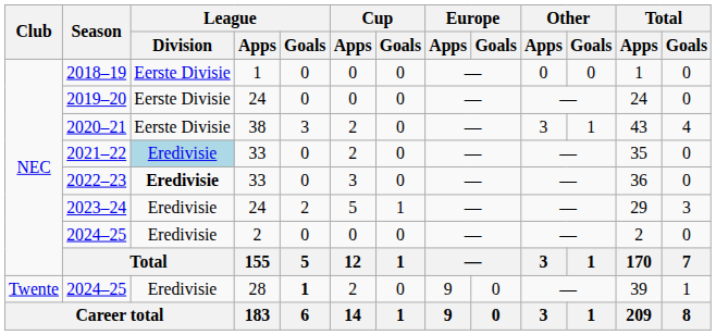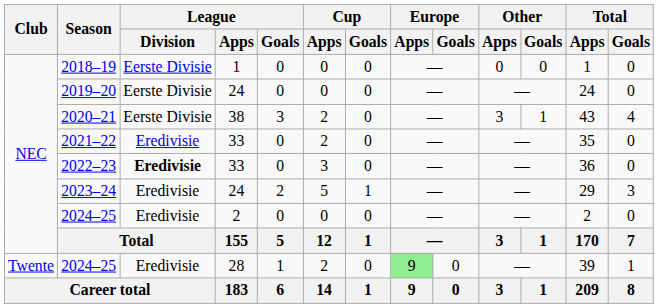 <table class="wikitable" style="text-align:center">
 <tr>
 <th rowspan="2">Club</th>
 <th rowspan="2">Season</th>
 <th colspan="3">League</th>
 <th colspan="2">Cup</th>
 <th colspan="2">Europe</th>
 <th colspan="2">Other</th>
 <th colspan="2">Total</th>
 </tr>
 <tr>
 <th>Division</th>
 <th>Apps</th>
 <th>Goals</th>
 <th>Apps</th>
 <th>Goals</th>
 <th>Apps</th>
 <th>Goals</th>
 <th>Apps</th>
 <th>Goals</th>
 <th>Apps</th>
 <th>Goals</th>
 </tr>
 <tr>
 <td rowspan="8"><a href='#'>NEC</a></td>
 <td><a href='#'>2018–19</a></td>
 <td><a href='#'>Eerste Divisie</a></td>
 <td>1</td>
 <td>0</td>
 <td>0</td>
 <td>0</td>
 <td colspan="2">—</td>
 <td>0</td>
 <td>0</td>
 <td>1</td>
 <td>0</td>
 </tr>
 <tr>
 <td><a href='#'>2019–20</a></td>
 <td>Eerste Divisie</td>
 <td>24</td>
 <td>0</td>
 <td>0</td>
 <td>0</td>
 <td colspan="2">—</td>
 <td colspan="2">—</td>
 <td>24</td>
 <td>0</td>
 </tr>
 <tr>
 <td><a href='#'>2020–21</a></td>
 <td>Eerste Divisie</td>
 <td>38</td>
 <td>3</td>
 <td>2</td>
 <td>0</td>
 <td colspan="2">—</td>
 <td>3</td>
 <td>1</td>
 <td>43</td>
 <td>4</td>
 </tr>
 <tr>
 <td><a href='#'>2021–22</a></td>
-<td style="background: lightblue;"><a href='#'>Eredivisie</a></td>
+<td><a href='#'>Eredivisie</a></td>
 <td>33</td>
 <td>0</td>
 <td>2</td>
 <td>0</td>
 <td colspan="2">—</td>
 <td colspan="2">—</td>
 <td>35</td>
 <td>0</td>
 </tr>
 <tr>
 <td><a href='#'>2022–23</a></td>
 <td><strong>Eredivisie</strong></td>
 <td>33</td>
 <td>0</td>
 <td>3</td>
 <td>0</td>
 <td colspan="2">—</td>
 <td colspan="2">—</td>
 <td>36</td>
 <td>0</td>
 </tr>
 <tr>
 <td><a href='#'>2023–24</a></td>
 <td>Eredivisie</td>
 <td>24</td>
 <td>2</td>
 <td>5</td>
 <td>1</td>
 <td colspan="2">—</td>
 <td colspan="2">—</td>
 <td>29</td>
 <td>3</td>
 </tr>
 <tr>
 <td><a href='#'>2024–25</a></td>
 <td>Eredivisie</td>
 <td>2</td>
 <td>0</td>
 <td>0</td>
 <td>0</td>
 <td colspan="2">—</td>
 <td colspan="2">—</td>
 <td>2</td>
 <td>0</td>
 </tr>
 <tr>
 <th colspan="2">Total</th>
 <th>155</th>
 <th>5</th>
 <th>12</th>
 <th>1</th>
 <th colspan="2">—</th>
 <th>3</th>
 <th>1</th>
 <th>170</th>
 <th>7</th>
 </tr>
 <tr>
 <td><a href='#'>Twente</a></td>
 <td><a href='#'>2024–25</a></td>
 <td>Eredivisie</td>
 <td>28</td>
-<td><strong>1</strong></td>
+<td>1</td>
 <td>2</td>
 <td>0</td>
-<td>9</td>
+<td style="background: lightgreen;">9</td>
 <td>0</td>
 <td colspan="2">—</td>
 <td>39</td>
 <td>1</td>
 </tr>
 <tr>
 <th colspan="3">Career total</th>
 <th>183</th>
 <th>6</th>
 <th>14</th>
 <th>1</th>
 <th>9</th>
 <th>0</th>
 <th>3</th>
 <th>1</th>
 <th>209</th>
 <th>8</th>
 </tr>
 </table>
